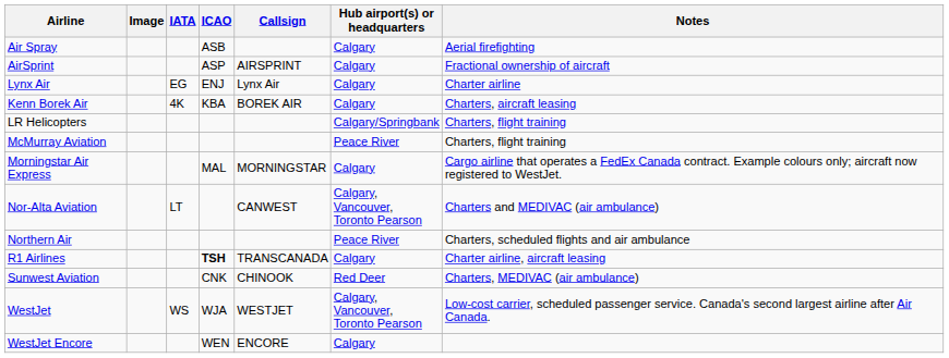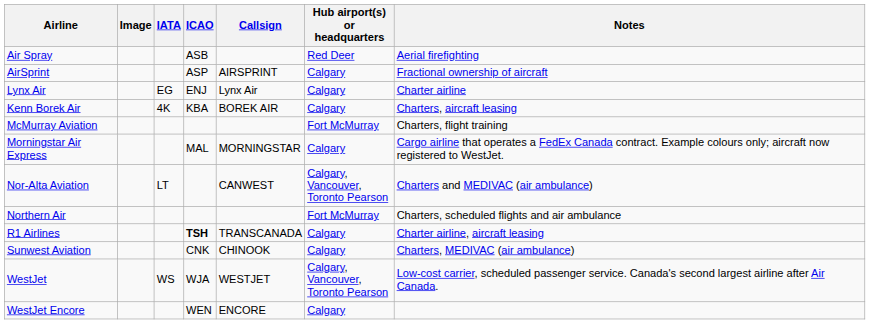 <table class="wikitable sortable" style="border: 0; cellpadding: 2; cellspacing: 3;">
 <tr style="vertical-align:middle;">
 <th>Airline</th>
 <th>Image</th>
 <th><a href='#'>IATA</a></th>
 <th><a href='#'>ICAO</a></th>
 <th><a href='#'>Callsign</a></th>
 <th>Hub airport(s) or<br>headquarters</th>
 <th class="unsortable">Notes</th>
 </tr>
 <tr>
 <td><a href='#'>Air Spray</a></td>
 <td></td>
 <td></td>
 <td>ASB</td>
 <td></td>
-<td><a href='#'>Calgary</a></td>
+<td><a href='#'>Red Deer</a></td>
 <td><a href='#'>Aerial firefighting</a></td>
 </tr>
 <tr>
 <td><a href='#'>AirSprint</a></td>
 <td></td>
 <td></td>
 <td>ASP</td>
 <td>AIRSPRINT</td>
 <td><a href='#'>Calgary</a></td>
 <td><a href='#'>Fractional ownership of aircraft</a></td>
 </tr>
 <tr>
 <td><a href='#'>Lynx Air</a></td>
 <td></td>
 <td>EG</td>
 <td>ENJ</td>
 <td>Lynx Air</td>
 <td><a href='#'>Calgary</a></td>
 <td><a href='#'>Charter airline</a></td>
 </tr>
 <tr>
 <td><a href='#'>Kenn Borek Air</a></td>
 <td></td>
 <td>4K</td>
 <td>KBA</td>
 <td>BOREK AIR</td>
 <td><a href='#'>Calgary</a></td>
 <td><a href='#'>Charters</a>, <a href='#'>aircraft leasing</a></td>
 </tr>
 <tr>
-<td>LR Helicopters</td>
-<td></td>
-<td></td>
-<td></td>
-<td></td>
-<td><a href='#'>Calgary/Springbank</a></td>
-<td><a href='#'>Charters</a>, <a href='#'>flight training</a></td>
-</tr>
-<tr>
 <td><a href='#'>McMurray Aviation</a></td>
 <td></td>
 <td></td>
 <td></td>
 <td></td>
-<td><a href='#'>Peace River</a></td>
+<td><a href='#'>Fort McMurray</a></td>
 <td>Charters, flight training</td>
 </tr>
 <tr>
 <td><a href='#'>Morningstar Air Express</a></td>
 <td></td>
 <td></td>
 <td>MAL</td>
 <td>MORNINGSTAR</td>
 <td><a href='#'>Calgary</a></td>
 <td><a href='#'>Cargo airline</a> that operates a <a href='#'>FedEx Canada</a> contract. Example colours only; aircraft now registered to WestJet.</td>
 </tr>
 <tr>
 <td><a href='#'>Nor-Alta Aviation</a></td>
 <td></td>
 <td>LT</td>
 <td></td>
 <td>CANWEST</td>
 <td><a href='#'>Calgary</a>,<br><a href='#'>Vancouver</a>,<br><a href='#'>Toronto Pearson</a></td>
 <td><a href='#'>Charters</a> and <a href='#'>MEDIVAC</a> (<a href='#'>air ambulance</a>)</td>
 </tr>
 <tr>
 <td><a href='#'>Northern Air</a></td>
 <td></td>
 <td></td>
 <td></td>
 <td></td>
-<td><a href='#'>Peace River</a></td>
+<td><a href='#'>Fort McMurray</a></td>
 <td>Charters, scheduled flights and air ambulance</td>
 </tr>
 <tr>
 <td><a href='#'>R1 Airlines</a></td>
 <td></td>
 <td></td>
 <td><strong>TSH</strong></td>
 <td>TRANSCANADA</td>
 <td><a href='#'>Calgary</a></td>
 <td><a href='#'>Charter airline</a>, <a href='#'>aircraft leasing</a></td>
 </tr>
 <tr>
 <td><a href='#'>Sunwest Aviation</a></td>
 <td></td>
 <td></td>
 <td>CNK</td>
 <td>CHINOOK</td>
-<td><a href='#'>Red Deer</a></td>
+<td><a href='#'>Calgary</a></td>
 <td><a href='#'>Charters</a>, <a href='#'>MEDIVAC</a> (<a href='#'>air ambulance</a>)</td>
 </tr>
 <tr>
 <td><a href='#'>WestJet</a></td>
 <td></td>
 <td>WS</td>
 <td>WJA</td>
 <td>WESTJET</td>
 <td><a href='#'>Calgary</a>,<br><a href='#'>Vancouver</a>,<br><a href='#'>Toronto Pearson</a></td>
 <td><a href='#'>Low-cost carrier</a>, scheduled passenger service. Canada's second largest airline after <a href='#'>Air Canada</a>.</td>
 </tr>
 <tr>
 <td><a href='#'>WestJet Encore</a></td>
 <td></td>
 <td></td>
 <td>WEN</td>
 <td>ENCORE</td>
 <td><a href='#'>Calgary</a></td>
 <td></td>
 </tr>
 </table>
